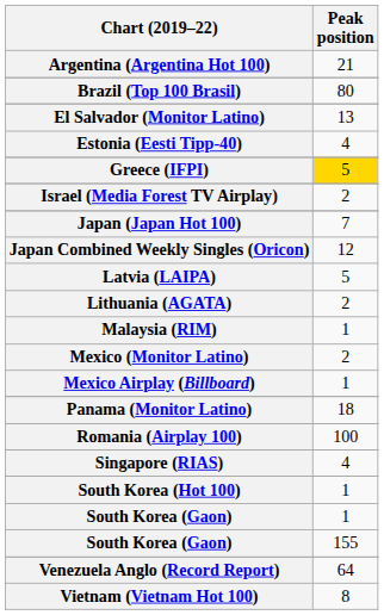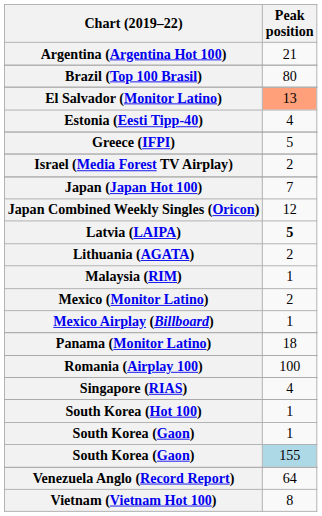 <table class="wikitable sortable plainrowheaders" style="text-align:center">
 <tr>
 <th scope="col">Chart (2019–22)</th>
 <th scope="col">Peak<br>position</th>
 </tr>
 <tr>
 <th scope="row">Argentina (<a href='#'>Argentina Hot 100</a>)</th>
 <td>21</td>
 </tr>
 <tr>
 </tr>
 <tr>
 </tr>
 <tr>
 </tr>
 <tr>
 </tr>
 <tr>
 <th scope="row">Brazil (<a href='#'>Top 100 Brasil</a>)</th>
 <td>80</td>
 </tr>
 <tr>
 </tr>
 <tr>
 </tr>
 <tr>
 </tr>
 <tr>
 </tr>
 <tr>
 <th scope="row">El Salvador (<a href='#'>Monitor Latino</a>)</th>
-<td>13</td>
+<td style="background: lightsalmon;">13</td>
 </tr>
 <tr>
 <th scope="row">Estonia (<a href='#'>Eesti Tipp-40</a>)</th>
 <td>4</td>
 </tr>
 <tr>
 </tr>
 <tr>
 </tr>
 <tr>
 </tr>
 <tr>
 </tr>
 <tr>
 </tr>
 <tr>
 <th scope="row">Greece (<a href='#'>IFPI</a>)</th>
-<td style="background: gold;">5</td>
+<td>5</td>
 </tr>
 <tr>
 </tr>
 <tr>
 </tr>
 <tr>
 </tr>
 <tr>
 <th scope="row">Israel (<a href='#'>Media Forest</a> TV Airplay)</th>
 <td>2</td>
 </tr>
 <tr>
 </tr>
 <tr>
 <th scope="row">Japan (<a href='#'>Japan Hot 100</a>)</th>
 <td>7</td>
 </tr>
 <tr>
 <th scope="row">Japan Combined Weekly Singles (<a href='#'>Oricon</a>)</th>
 <td>12</td>
 </tr>
 <tr>
 <th scope="row">Latvia (<a href='#'>LAIPA</a>)</th>
-<td>5</td>
+<td><strong>5</strong></td>
 </tr>
 <tr>
 <th scope="row">Lithuania (<a href='#'>AGATA</a>)</th>
 <td>2</td>
 </tr>
 <tr>
 <th scope="row">Malaysia (<a href='#'>RIM</a>)</th>
 <td>1</td>
 </tr>
 <tr>
 <th scope="row">Mexico (<a href='#'>Monitor Latino</a>)</th>
 <td>2</td>
 </tr>
 <tr>
 <th scope="row"><a href='#'>Mexico Airplay</a> (<em><a href='#'>Billboard</a></em>)</th>
 <td>1</td>
 </tr>
 <tr>
 </tr>
 <tr>
 </tr>
 <tr>
 </tr>
 <tr>
 <th scope="row">Panama (<a href='#'>Monitor Latino</a>)</th>
 <td>18</td>
 </tr>
 <tr>
 </tr>
 <tr>
 </tr>
 <tr>
 <th scope="row">Romania (<a href='#'>Airplay 100</a>)</th>
 <td>100</td>
 </tr>
 <tr>
 </tr>
 <tr>
 <th scope="row">Singapore (<a href='#'>RIAS</a>)</th>
 <td>4</td>
 </tr>
 <tr>
 </tr>
 <tr>
 <th scope="row">South Korea (<a href='#'>Hot 100</a>)</th>
 <td>1</td>
 </tr>
 <tr>
 <th scope="row">South Korea (<a href='#'>Gaon</a>)</th>
 <td>1</td>
 </tr>
 <tr>
 <th scope="row">South Korea (<a href='#'>Gaon</a>)<br></th>
-<td>155</td>
+<td style="background: lightblue;">155</td>
 </tr>
 <tr>
 </tr>
 <tr>
 </tr>
 <tr>
 </tr>
 <tr>
 </tr>
 <tr>
 </tr>
 <tr>
 </tr>
 <tr>
 </tr>
 <tr>
 <th scope="row">Venezuela Anglo (<a href='#'>Record Report</a>)</th>
 <td>64</td>
 </tr>
 <tr>
 <th scope="row">Vietnam (<a href='#'>Vietnam Hot 100</a>)</th>
 <td>8</td>
 </tr>
 </table>
